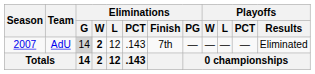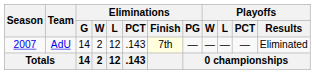 <table class=wikitable style="text-align:center">
 <tr>
 <th rowspan=2>Season</th>
 <th rowspan=2>Team</th>
 <th colspan="6">Eliminations</th>
 <th colspan="4">Playoffs</th>
 </tr>
 <tr>
 <th>G</th>
 <th>W</th>
 <th>L</th>
 <th>PCT</th>
 <th>Finish</th>
 <th>PG</th>
 <th>W</th>
 <th>L</th>
 <th>PCT</th>
 <th>Results</th>
 </tr>
 <tr>
 <td><a href='#'>2007</a></td>
 <td><a href='#'>AdU</a></td>
-<td style="background: lightgrey;">14</td>
-<td><strong>2</strong></td>
+<td>14</td>
+<td>2</td>
 <td>12</td>
 <td>.143</td>
-<td>7th</td>
+<td style="background: lightyellow;">7th</td>
 <td>—</td>
 <td>—</td>
 <td>—</td>
 <td>—</td>
 <td>Eliminated</td>
 </tr>
 <tr>
 <th colspan="2">Totals</th>
 <th>14</th>
 <th>2</th>
 <th>12</th>
 <th>.143</th>
 <th></th>
 <th colspan="5">0 championships</th>
 </tr>
 </table>
